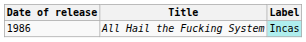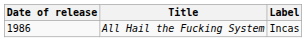 <table class="wikitable">
 <tr>
 <th>Date of release</th>
 <th>Title</th>
 <th>Label</th>
 </tr>
 <tr>
 <td>1986</td>
 <td><em>All Hail the Fucking System</em></td>
-<td style="background: paleturquoise;">Incas</td>
+<td>Incas</td>
 </tr>
 </table>
